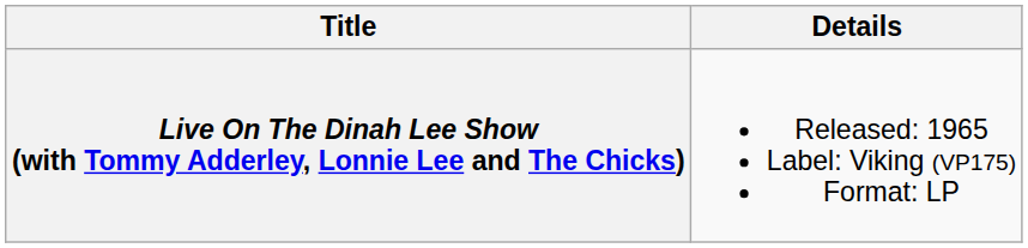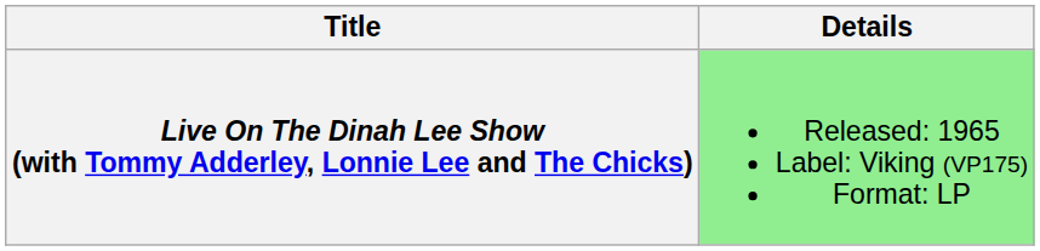 <table class="wikitable plainrowheaders" style="text-align:center;" border="1">
 <tr>
 <th>Title</th>
 <th>Details</th>
 </tr>
 <tr>
 <th scope="row"><em>Live On The Dinah Lee Show</em> <br> (with <a href='#'>Tommy Adderley</a>, <a href='#'>Lonnie Lee</a> and <a href='#'>The Chicks</a>)</th>
-<td><br><ul><li>Released: 1965</li><li>Label: Viking	<small>(VP175)</small></li><li>Format: LP</li></ul></td>
+<td style="background: lightgreen;"><br><ul><li>Released: 1965</li><li>Label: Viking	<small>(VP175)</small></li><li>Format: LP</li></ul></td>
 </tr>
 </table>
